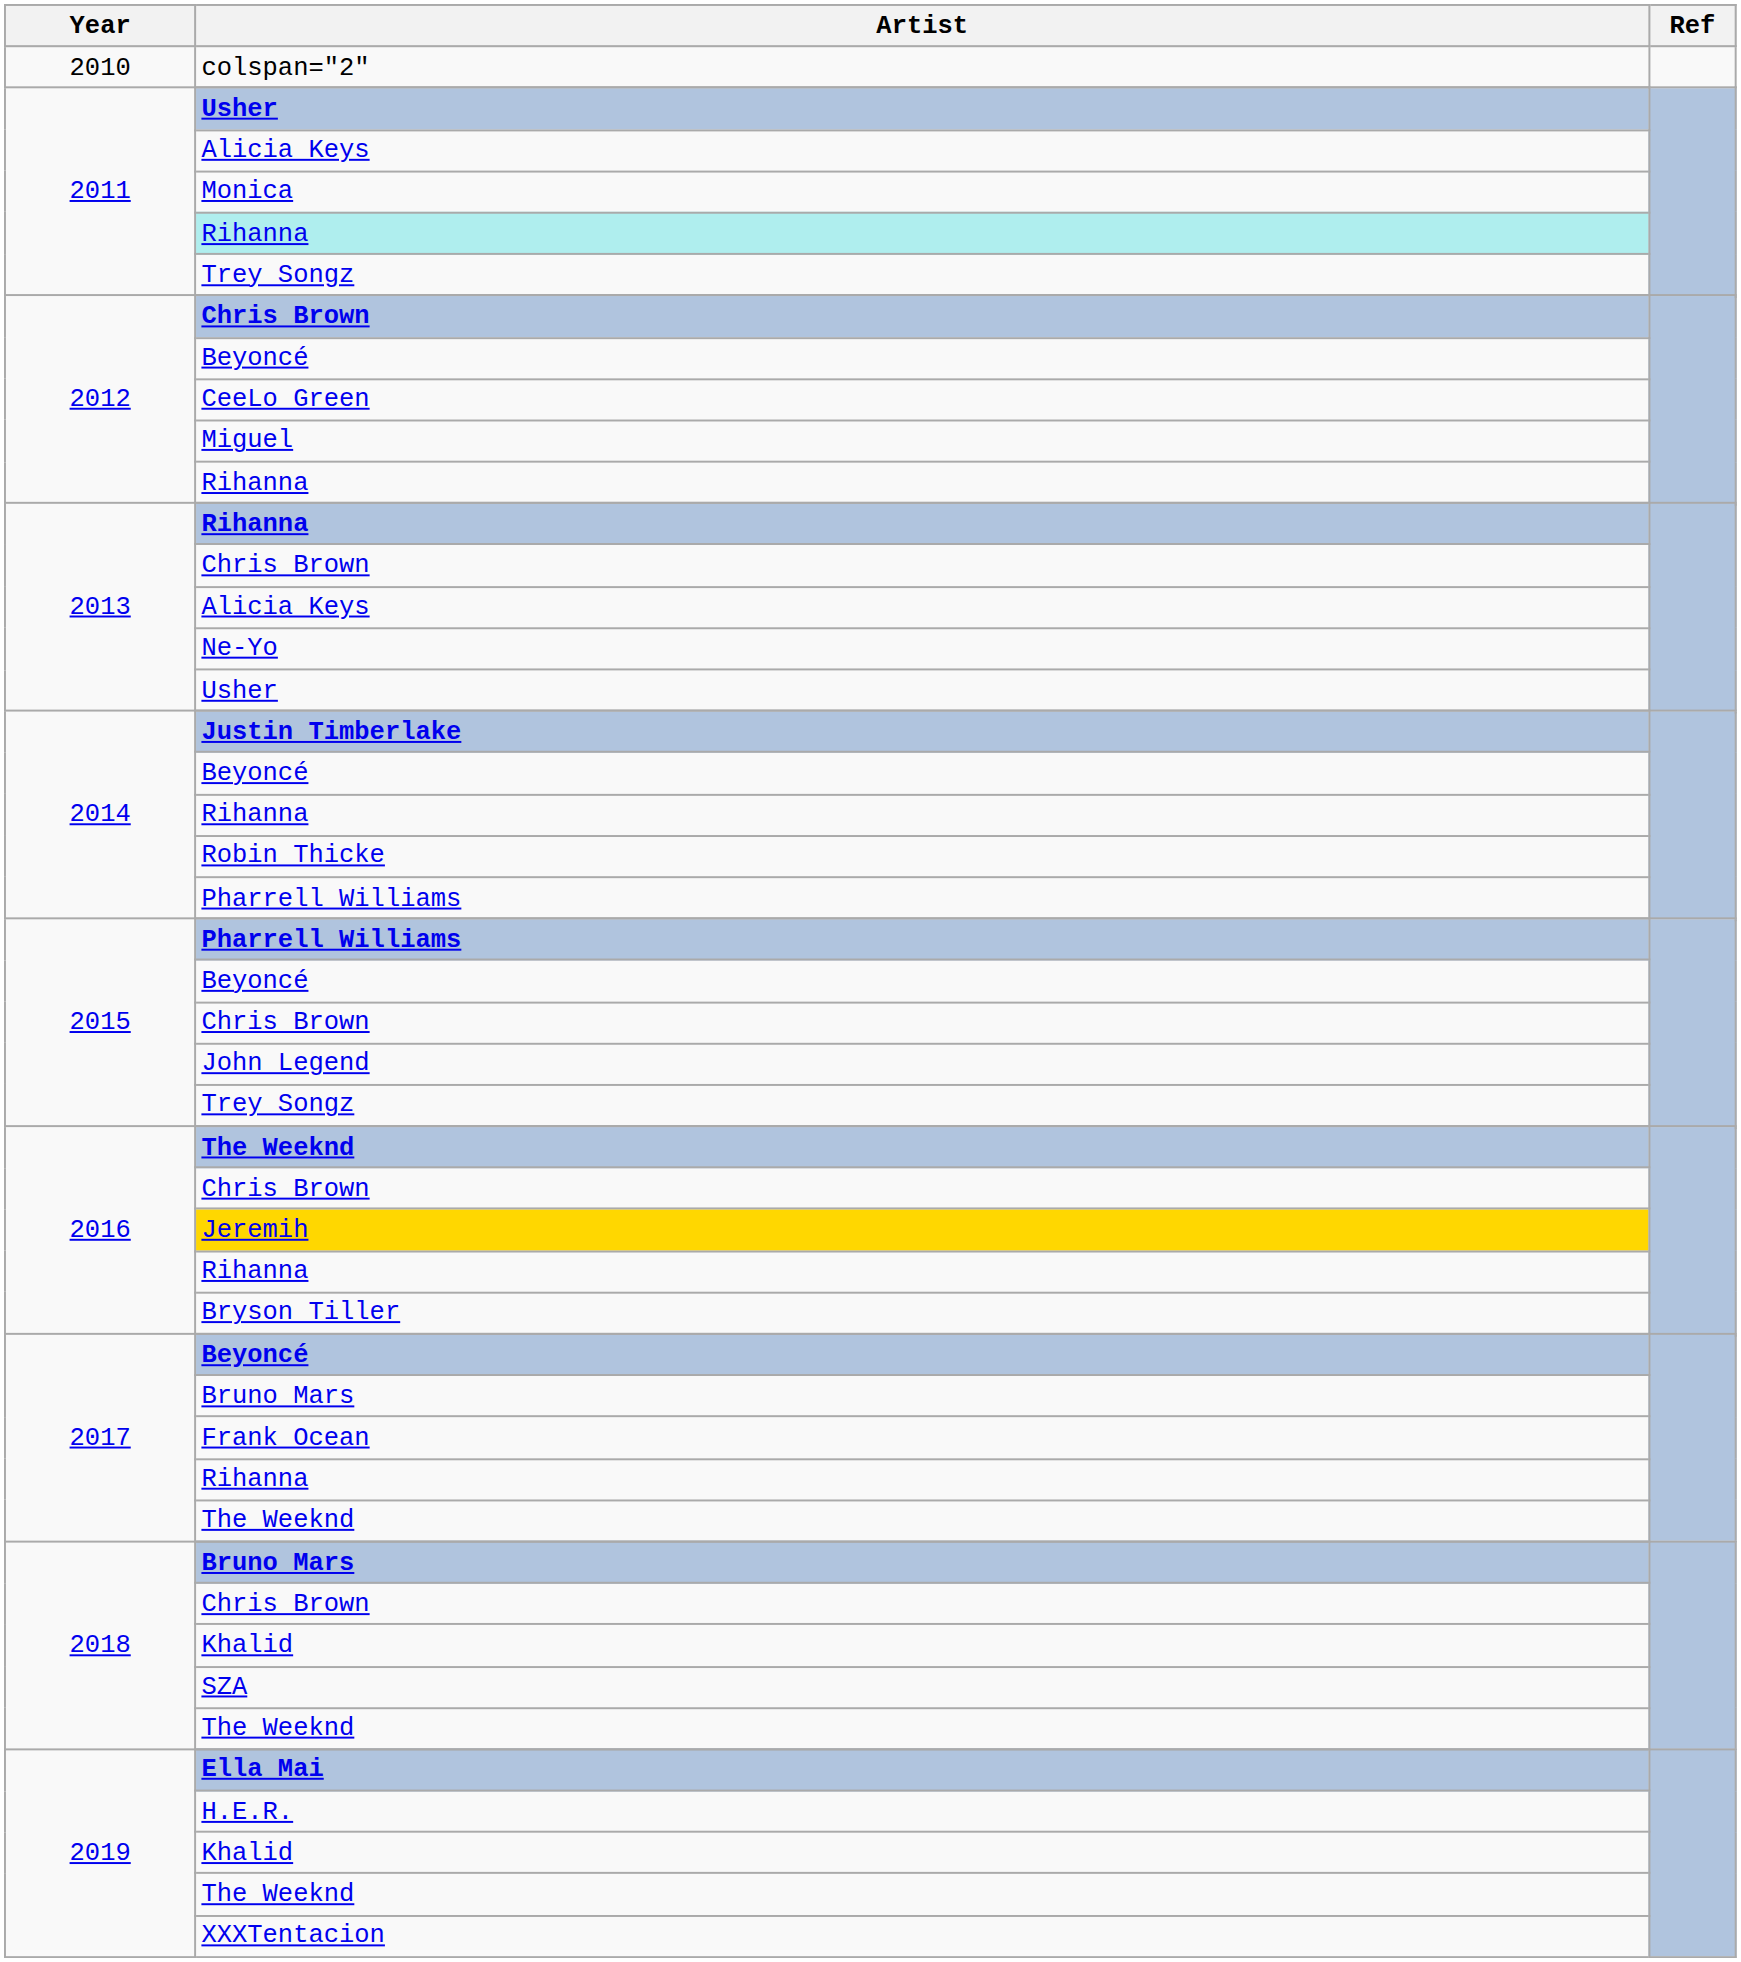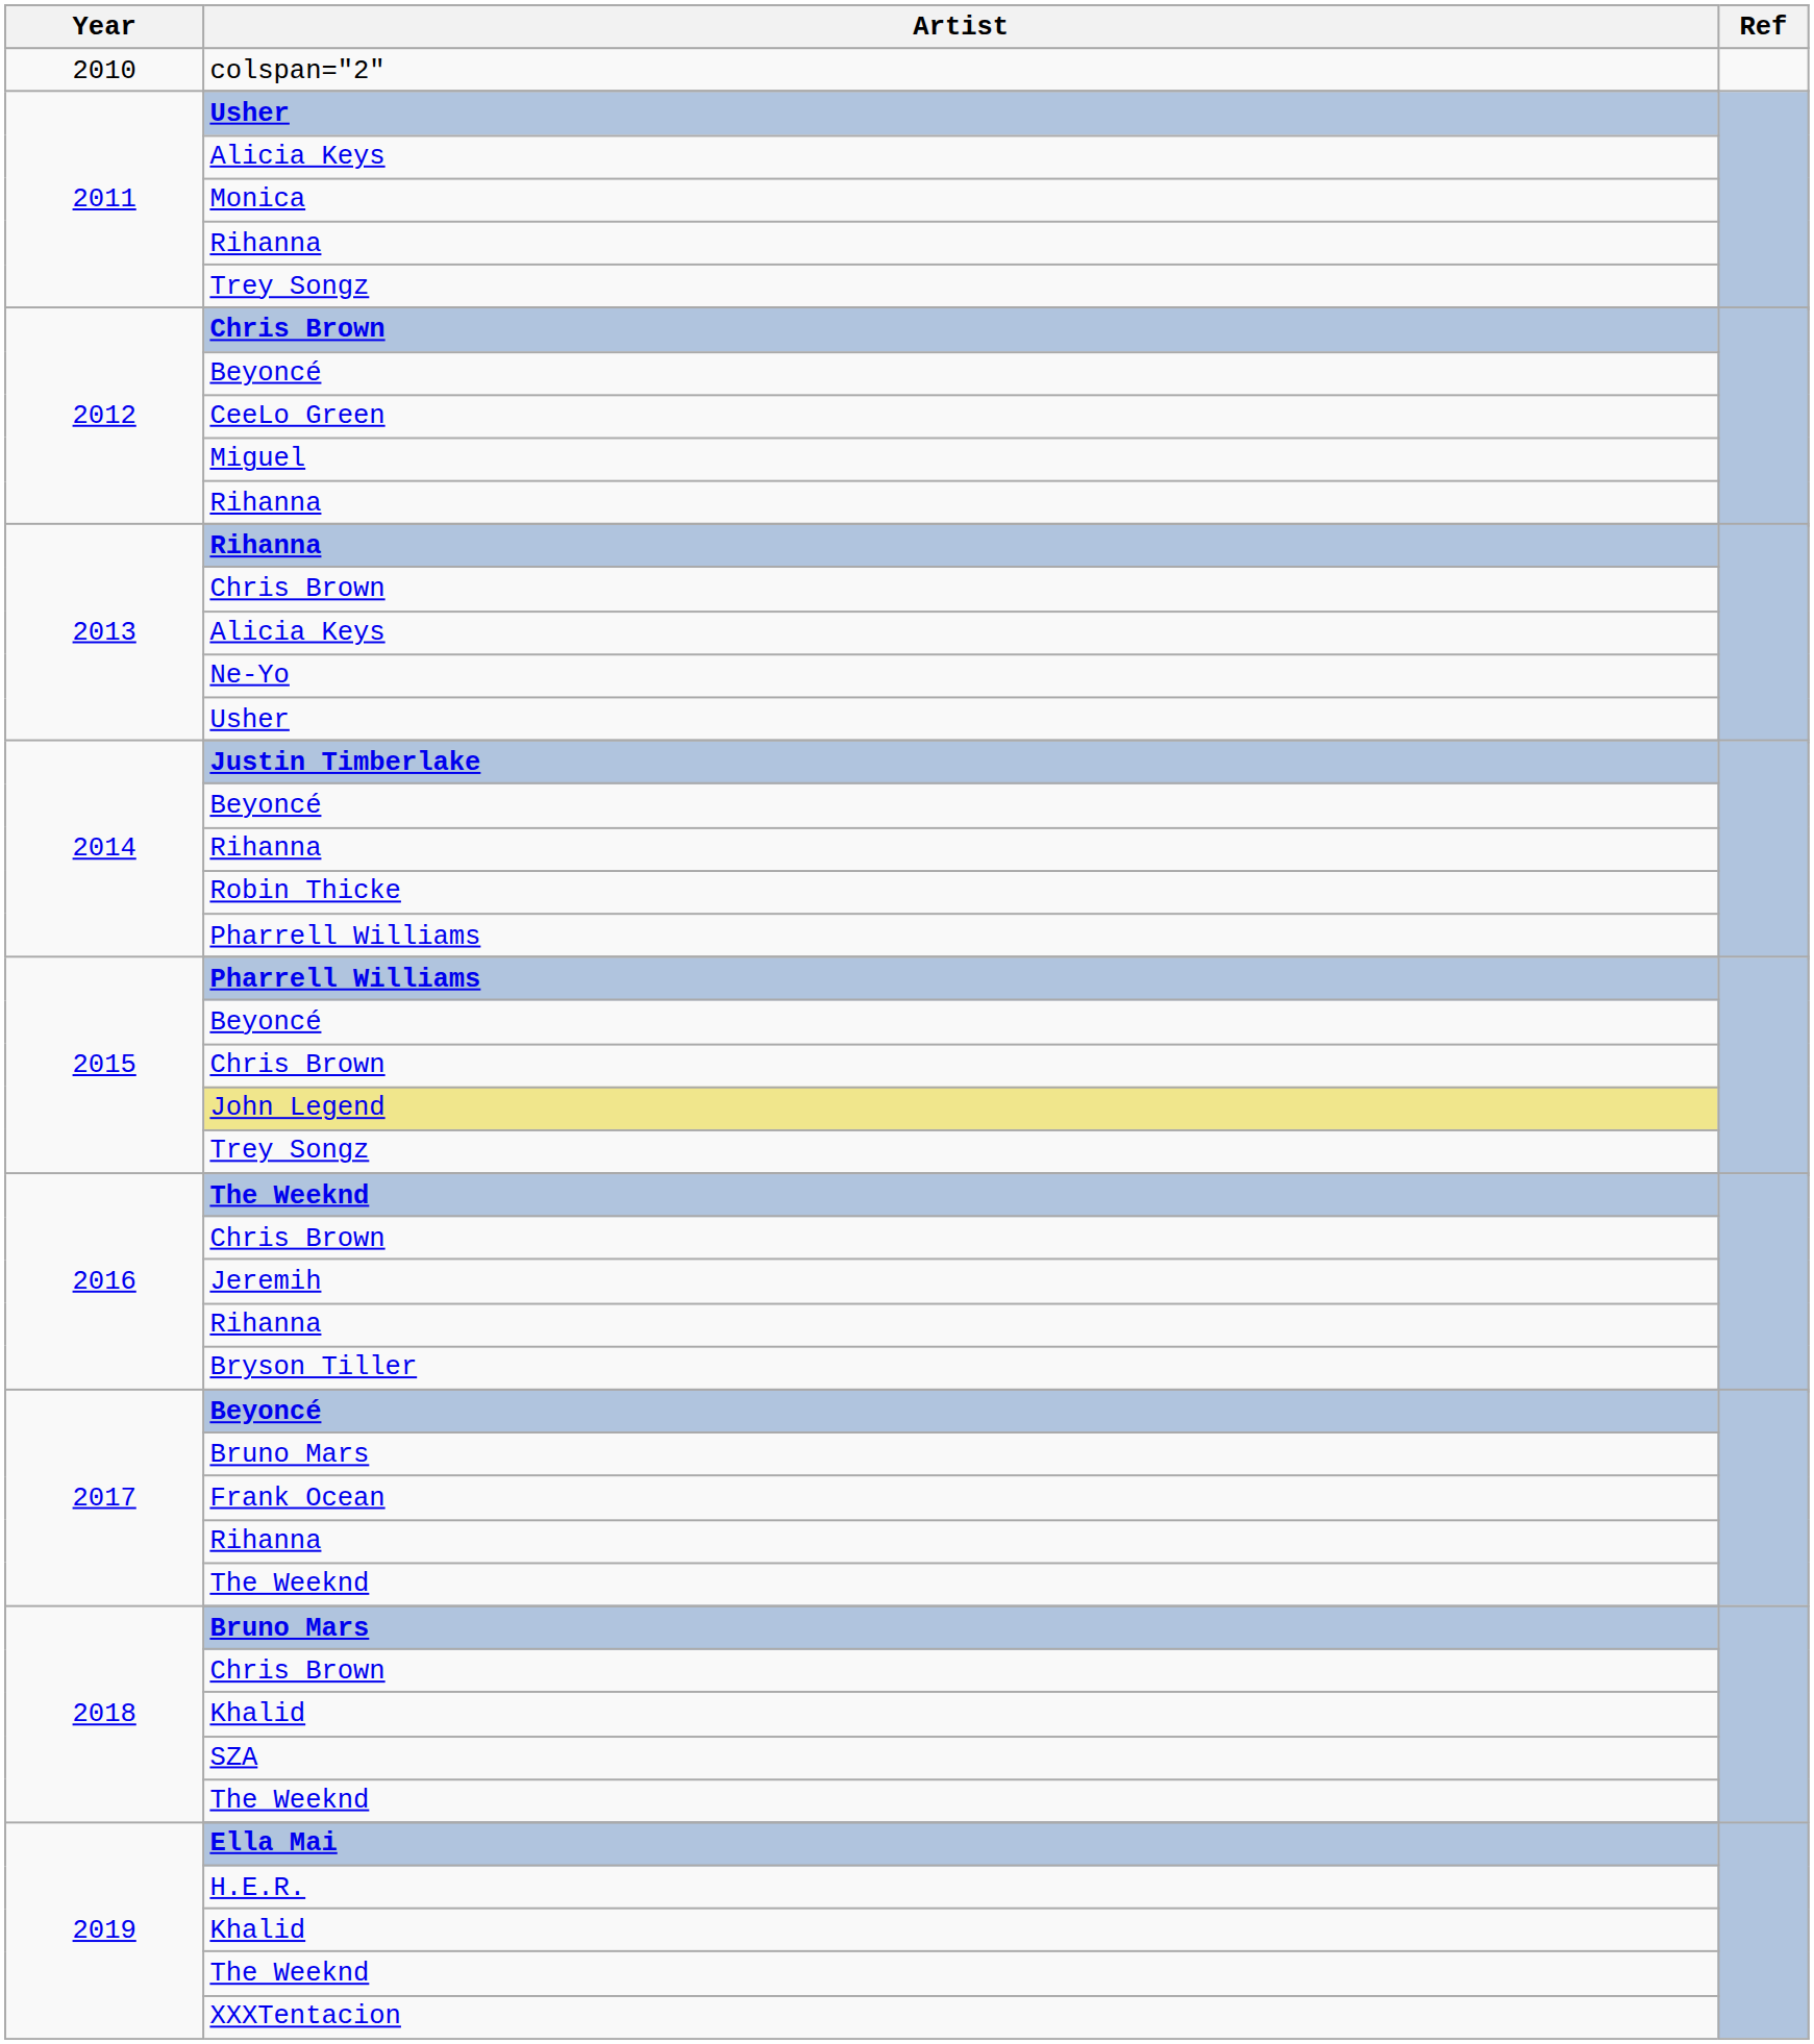 <table class="wikitable" style="width:100%;">
 <tr style="background:#bebebe;">
 <th style="width:11%;">Year</th>
 <th style="width:84%;">Artist</th>
 <th style="width:5%;">Ref</th>
 </tr>
 <tr>
 <td align="center">2010</td>
 <td>colspan="2" </td>
 </tr>
 <tr>
 <td rowspan="6" align="center"><a href='#'>2011</a></td>
 </tr>
 <tr style="background:#B0C4DE">
 <td><strong><a href='#'>Usher</a></strong></td>
 <td rowspan="6" align="center"></td>
 </tr>
 <tr>
 <td><a href='#'>Alicia Keys</a></td>
 </tr>
 <tr>
 <td><a href='#'>Monica</a></td>
 </tr>
 <tr>
-<td style="background: paleturquoise;"><a href='#'>Rihanna</a></td>
+<td><a href='#'>Rihanna</a></td>
 </tr>
 <tr>
 <td><a href='#'>Trey Songz</a></td>
 </tr>
 <tr>
 <td rowspan="6" align="center"><a href='#'>2012</a></td>
 </tr>
 <tr style="background:#B0C4DE">
 <td><strong><a href='#'>Chris Brown</a></strong></td>
 <td rowspan="6" align="center"></td>
 </tr>
 <tr>
 <td><a href='#'>Beyoncé</a></td>
 </tr>
 <tr>
 <td><a href='#'>CeeLo Green</a></td>
 </tr>
 <tr>
 <td><a href='#'>Miguel</a></td>
 </tr>
 <tr>
 <td><a href='#'>Rihanna</a></td>
 </tr>
 <tr>
 <td rowspan="6" align="center"><a href='#'>2013</a></td>
 </tr>
 <tr style="background:#B0C4DE">
 <td><strong><a href='#'>Rihanna</a></strong></td>
 <td rowspan="6" align="center"></td>
 </tr>
 <tr>
 <td><a href='#'>Chris Brown</a></td>
 </tr>
 <tr>
 <td><a href='#'>Alicia Keys</a></td>
 </tr>
 <tr>
 <td><a href='#'>Ne-Yo</a></td>
 </tr>
 <tr>
 <td><a href='#'>Usher</a></td>
 </tr>
 <tr>
 <td rowspan="6" align="center"><a href='#'>2014</a></td>
 </tr>
 <tr style="background:#B0C4DE">
 <td><strong><a href='#'>Justin Timberlake</a></strong></td>
 <td rowspan="6" align="center"></td>
 </tr>
 <tr>
 <td><a href='#'>Beyoncé</a></td>
 </tr>
 <tr>
 <td><a href='#'>Rihanna</a></td>
 </tr>
 <tr>
 <td><a href='#'>Robin Thicke</a></td>
 </tr>
 <tr>
 <td><a href='#'>Pharrell Williams</a></td>
 </tr>
 <tr>
 <td rowspan="6" align="center"><a href='#'>2015</a></td>
 </tr>
 <tr style="background:#B0C4DE">
 <td><strong><a href='#'>Pharrell Williams</a></strong></td>
 <td rowspan="6" align="center"></td>
 </tr>
 <tr>
 <td><a href='#'>Beyoncé</a></td>
 </tr>
 <tr>
 <td><a href='#'>Chris Brown</a></td>
 </tr>
 <tr>
-<td><a href='#'>John Legend</a></td>
+<td style="background: khaki;"><a href='#'>John Legend</a></td>
 </tr>
 <tr>
 <td><a href='#'>Trey Songz</a></td>
 </tr>
 <tr>
 <td rowspan="6" align="center"><a href='#'>2016</a></td>
 </tr>
 <tr style="background:#B0C4DE">
 <td><strong><a href='#'>The Weeknd</a></strong></td>
 <td rowspan="6" align="center"></td>
 </tr>
 <tr>
 <td><a href='#'>Chris Brown</a></td>
 </tr>
 <tr>
-<td style="background: gold;"><a href='#'>Jeremih</a></td>
+<td><a href='#'>Jeremih</a></td>
 </tr>
 <tr>
 <td><a href='#'>Rihanna</a></td>
 </tr>
 <tr>
 <td><a href='#'>Bryson Tiller</a></td>
 </tr>
 <tr>
 <td rowspan="6" align="center"><a href='#'>2017</a></td>
 </tr>
 <tr style="background:#B0C4DE">
 <td><strong><a href='#'>Beyoncé</a></strong></td>
 <td rowspan="6" align="center"></td>
 </tr>
 <tr>
 <td><a href='#'>Bruno Mars</a></td>
 </tr>
 <tr>
 <td><a href='#'>Frank Ocean</a></td>
 </tr>
 <tr>
 <td><a href='#'>Rihanna</a></td>
 </tr>
 <tr>
 <td><a href='#'>The Weeknd</a></td>
 </tr>
 <tr>
 <td rowspan="6" align="center"><a href='#'>2018</a></td>
 </tr>
 <tr style="background:#B0C4DE">
 <td><strong><a href='#'>Bruno Mars</a></strong></td>
 <td rowspan="6" align="center"></td>
 </tr>
 <tr>
 <td><a href='#'>Chris Brown</a></td>
 </tr>
 <tr>
 <td><a href='#'>Khalid</a></td>
 </tr>
 <tr>
 <td><a href='#'>SZA</a></td>
 </tr>
 <tr>
 <td><a href='#'>The Weeknd</a></td>
 </tr>
 <tr>
 <td rowspan="6" align="center"><a href='#'>2019</a></td>
 </tr>
 <tr style="background:#B0C4DE">
 <td><strong><a href='#'>Ella Mai</a></strong></td>
 <td rowspan="6" align="center"></td>
 </tr>
 <tr>
 <td><a href='#'>H.E.R.</a></td>
 </tr>
 <tr>
 <td><a href='#'>Khalid</a></td>
 </tr>
 <tr>
 <td><a href='#'>The Weeknd</a></td>
 </tr>
 <tr>
 <td><a href='#'>XXXTentacion</a></td>
 </tr>
 </table>
